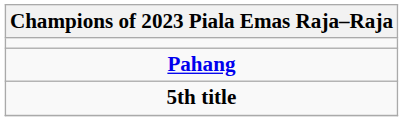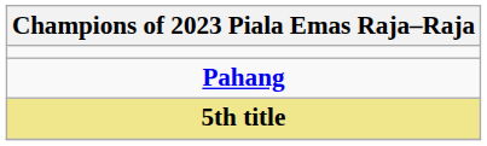 <table class="wikitable" style="text-align: center; margin: 0 auto;">
 <tr>
 <th><strong>Champions of 2023 Piala Emas Raja–Raja</strong></th>
 </tr>
 <tr>
 <td></td>
 </tr>
 <tr>
 <td><a href='#'><strong>Pahang</strong></a></td>
 </tr>
 <tr>
-<td><strong>5th title</strong></td>
+<td style="background: khaki;"><strong>5th title</strong></td>
 </tr>
 <tr>
 </tr>
 </table>
